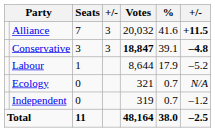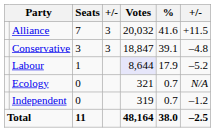 <table class="wikitable sortable">
 <tr>
 <th colspan="2">Party</th>
 <th>Seats</th>
 <th>+/-</th>
 <th>Votes</th>
 <th>%</th>
 <th>+/-</th>
 </tr>
 <tr>
 <td style="background-color: "></td>
 <td><a href='#'>Alliance</a></td>
 <td>7</td>
 <td> 3</td>
 <td style="text-align:right;">20,032</td>
 <td style="text-align:right;">41.6</td>
-<td style="text-align:right;"><strong>+11.5</strong></td>
+<td style="text-align:right;">+11.5</td>
 </tr>
 <tr>
 <td style="background-color: "></td>
 <td><a href='#'>Conservative</a></td>
 <td>3</td>
 <td> 3</td>
-<td style="text-align:right;"><strong>18,847</strong></td>
+<td style="text-align:right;">18,847</td>
 <td style="text-align:right;">39.1</td>
-<td style="text-align:right;"><strong>–4.8</strong></td>
+<td style="text-align:right;">–4.8</td>
 </tr>
 <tr>
 <td style="background-color: "></td>
 <td><a href='#'>Labour</a></td>
 <td>1</td>
 <td></td>
-<td style="text-align:right;">8,644</td>
+<td style="background: lavender; text-align:right;">8,644</td>
 <td style="text-align:right;">17.9</td>
 <td style="text-align:right;">–5.2</td>
 </tr>
 <tr>
 <td style="background-color: "></td>
 <td><a href='#'>Ecology</a></td>
 <td>0</td>
 <td></td>
 <td style="text-align:right;">321</td>
 <td style="text-align:right;">0.7</td>
 <td style="text-align:right;"><em>N/A</em></td>
 </tr>
 <tr>
 <td style="background-color: "></td>
 <td><a href='#'>Independent</a></td>
 <td>0</td>
 <td></td>
 <td style="text-align:right;">319</td>
 <td style="text-align:right;">0.7</td>
 <td style="text-align:right;">–1.2</td>
 </tr>
 <tr>
 <td colspan="2"><strong>Total</strong></td>
 <td><strong>11</strong></td>
 <td></td>
 <td style="text-align:right;"><strong>48,164</strong></td>
 <td style="text-align:right;"><strong>38.0</strong></td>
 <td style="text-align:right;"><strong>–2.5</strong></td>
 </tr>
 </table>
